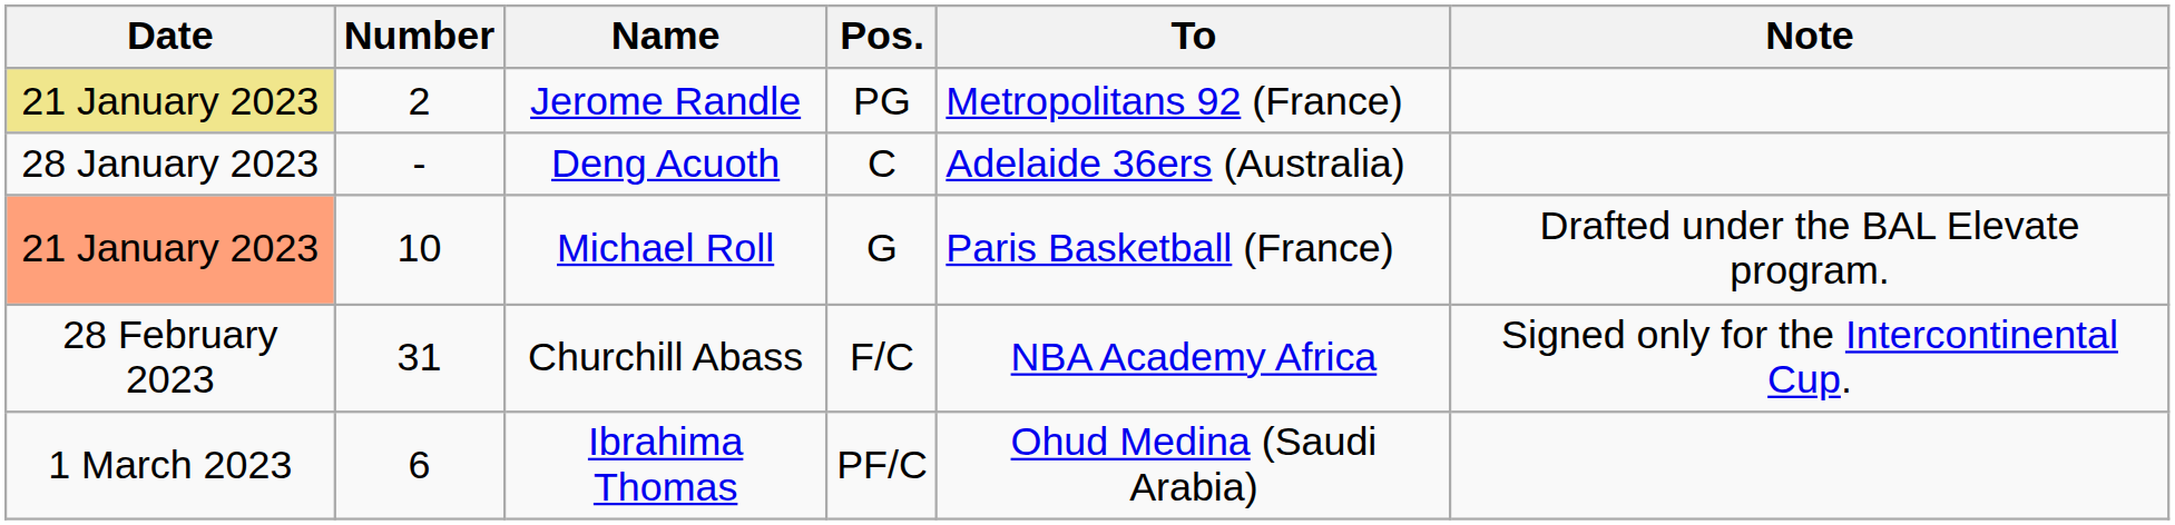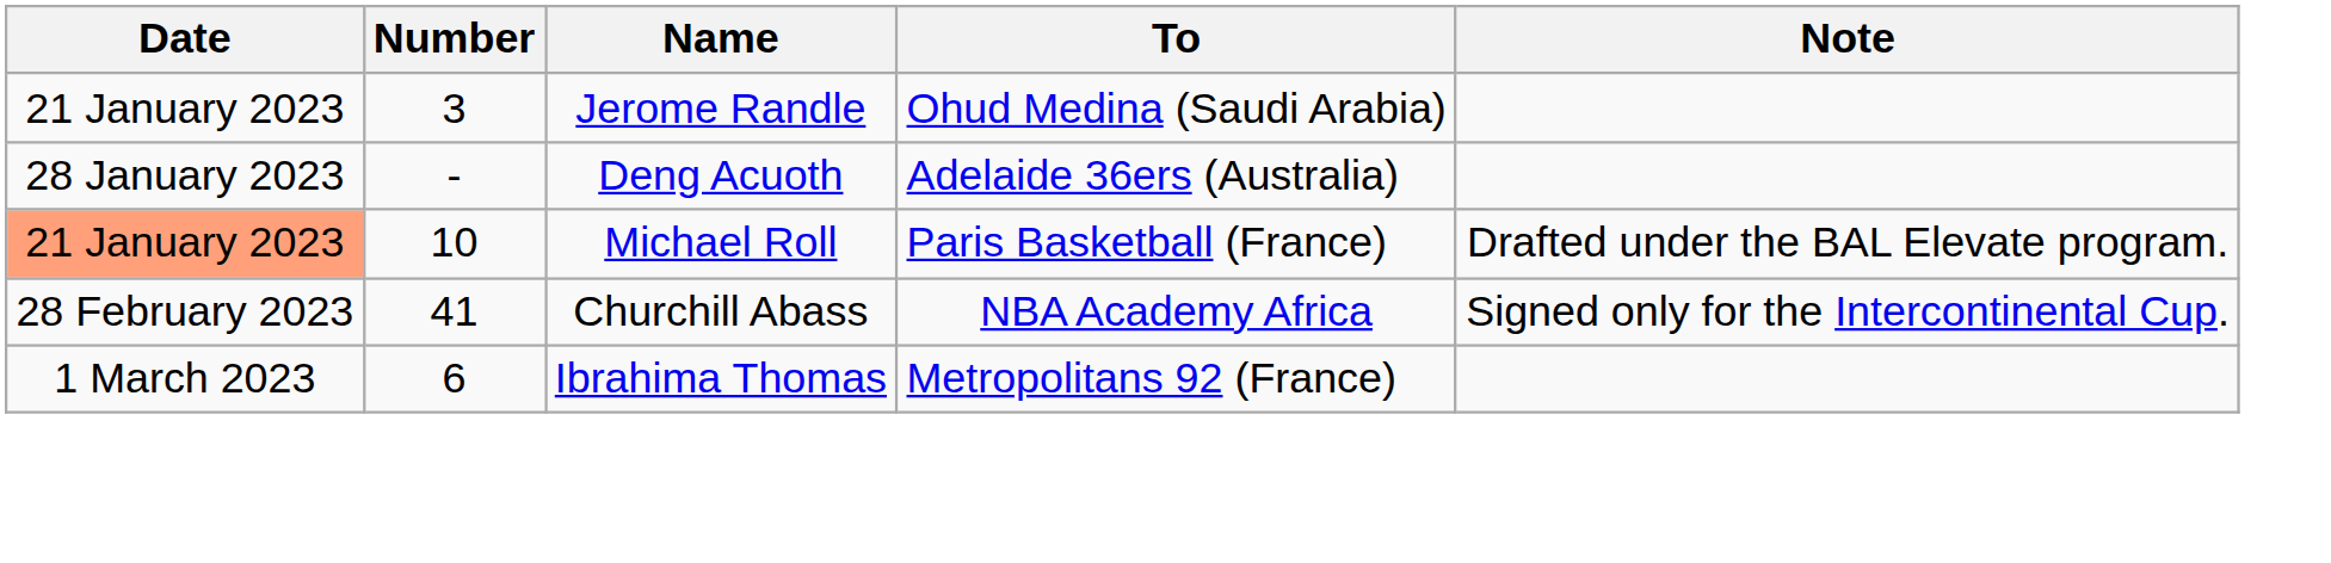 <table class="wikitable sortable sortable" style="text-align: center">
 <tr>
 <th>Date</th>
 <th>Number</th>
 <th>Name</th>
-<th>Pos.</th>
 <th class="unsortable">To</th>
 <th>Note</th>
 </tr>
 <tr>
-<td style="background: khaki;">21 January 2023</td>
-<td>2</td>
+<td>21 January 2023</td>
+<td>3</td>
 <td><a href='#'>Jerome Randle</a></td>
-<td>PG</td>
-<td align="left"><a href='#'>Metropolitans 92</a> (France)</td>
+<td><a href='#'>Ohud Medina</a> (Saudi Arabia)</td>
 <td></td>
 </tr>
 <tr>
 <td>28 January 2023</td>
 <td>-</td>
 <td><a href='#'>Deng Acuoth</a></td>
-<td>C</td>
 <td align="left"><a href='#'>Adelaide 36ers</a> (Australia)</td>
 <td></td>
 </tr>
 <tr>
 <td style="background: lightsalmon;">21 January 2023</td>
 <td>10</td>
 <td><a href='#'>Michael Roll</a></td>
-<td>G</td>
 <td align="left"><a href='#'>Paris Basketball</a> (France)</td>
 <td>Drafted under the BAL Elevate program.</td>
 </tr>
 <tr>
 <td>28 February 2023</td>
-<td>31</td>
+<td>41</td>
 <td>Churchill Abass</td>
-<td>F/C</td>
 <td><a href='#'>NBA Academy Africa</a></td>
 <td>Signed only for the <a href='#'>Intercontinental Cup</a>.</td>
 </tr>
 <tr>
 <td>1 March 2023</td>
 <td>6</td>
 <td><a href='#'>Ibrahima Thomas</a></td>
-<td>PF/C</td>
-<td><a href='#'>Ohud Medina</a> (Saudi Arabia)</td>
+<td align="left"><a href='#'>Metropolitans 92</a> (France)</td>
 <td></td>
 </tr>
 </table>
